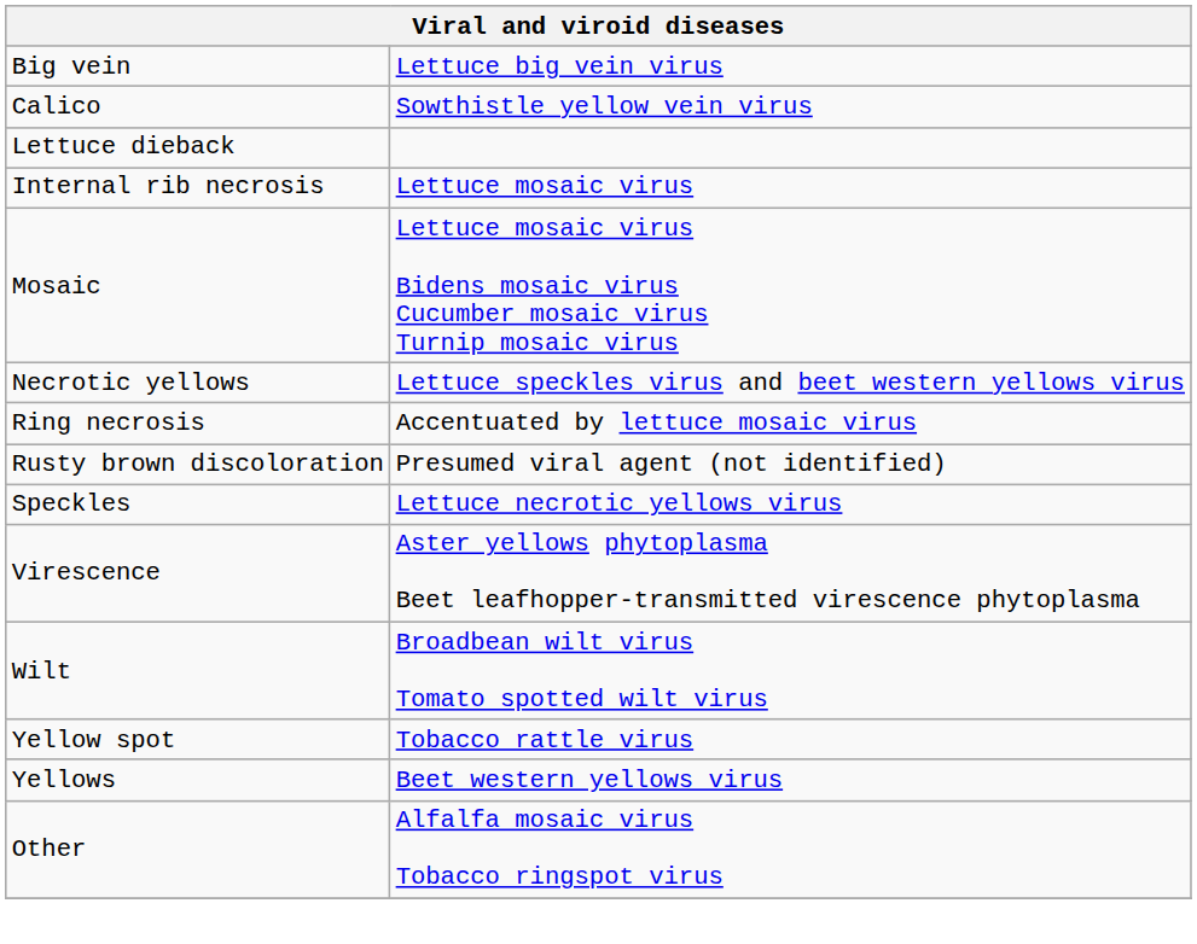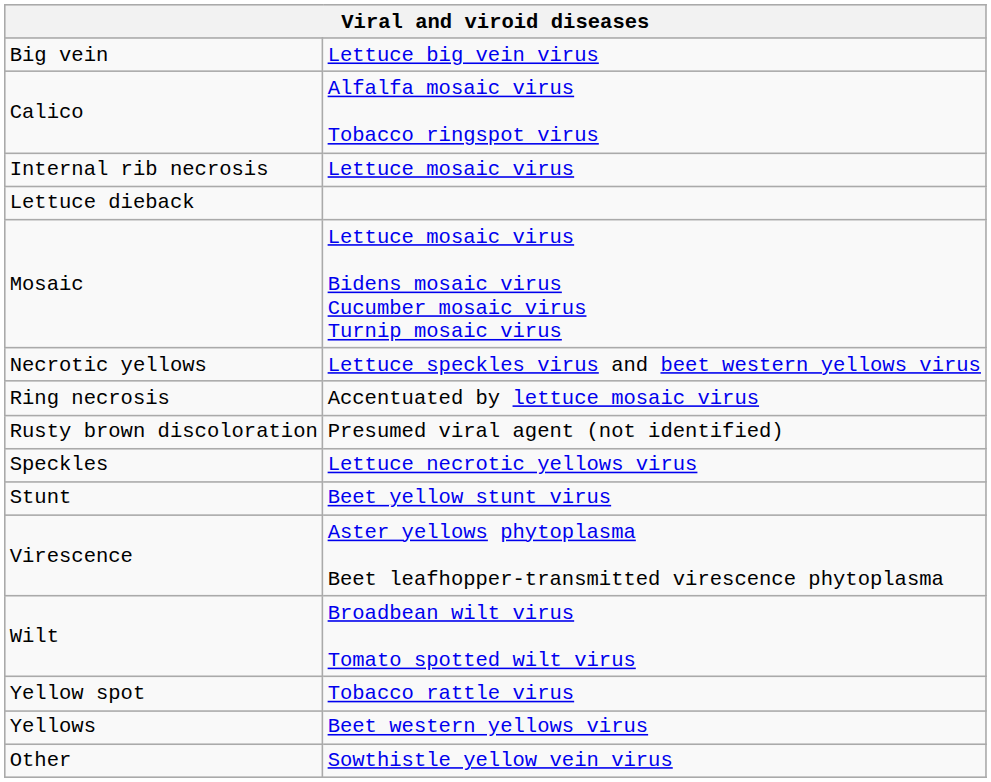 <table class="wikitable" style="clear">
 <tr>
 <th colspan=2><strong>Viral and viroid diseases</strong><br></th>
 </tr>
 <tr>
 <td>Big vein</td>
 <td><a href='#'>Lettuce big vein virus</a></td>
 </tr>
 <tr>
 <td>Calico</td>
-<td><a href='#'>Sowthistle yellow vein virus</a></td>
+<td><a href='#'>Alfalfa mosaic virus</a><br><br><a href='#'>Tobacco ringspot virus</a></td>
+</tr>
+<tr>
+<td>Internal rib necrosis <br></td>
+<td><a href='#'>Lettuce mosaic virus</a></td>
 </tr>
 <tr>
 <td>Lettuce dieback</td>
 <td><em></em></td>
-</tr>
-<tr>
-<td>Internal rib necrosis <br></td>
-<td><a href='#'>Lettuce mosaic virus</a></td>
 </tr>
 <tr>
 <td>Mosaic</td>
 <td><a href='#'>Lettuce mosaic virus</a> <br><br><a href='#'>Bidens mosaic virus</a> <br> <a href='#'>Cucumber mosaic virus</a> <br> <a href='#'>Turnip mosaic virus</a></td>
 </tr>
 <tr>
 <td>Necrotic yellows</td>
 <td><a href='#'>Lettuce speckles virus</a> and <a href='#'>beet western yellows virus</a></td>
 </tr>
 <tr>
 <td>Ring necrosis</td>
 <td>Accentuated by <a href='#'>lettuce mosaic virus</a></td>
 </tr>
 <tr>
 <td>Rusty brown discoloration</td>
 <td>Presumed viral agent (not identified)</td>
 </tr>
 <tr>
 <td>Speckles</td>
 <td><a href='#'>Lettuce necrotic yellows virus</a></td>
 </tr>
 <tr>
+<td>Stunt</td>
+<td><a href='#'>Beet yellow stunt virus</a></td>
+</tr>
+<tr>
 <td>Virescence</td>
 <td><a href='#'>Aster yellows</a> <a href='#'>phytoplasma</a> <br><br>Beet leafhopper-transmitted virescence phytoplasma</td>
 </tr>
 <tr>
 <td>Wilt</td>
 <td><a href='#'>Broadbean wilt virus</a> <br><br><a href='#'>Tomato spotted wilt virus</a></td>
 </tr>
 <tr>
 <td>Yellow spot</td>
 <td><a href='#'>Tobacco rattle virus</a></td>
 </tr>
 <tr>
 <td>Yellows</td>
 <td><a href='#'>Beet western yellows virus</a></td>
 </tr>
 <tr>
 <td>Other</td>
-<td><a href='#'>Alfalfa mosaic virus</a><br><br><a href='#'>Tobacco ringspot virus</a></td>
+<td><a href='#'>Sowthistle yellow vein virus</a></td>
 </tr>
 <tr>
 </tr>
 </table>
